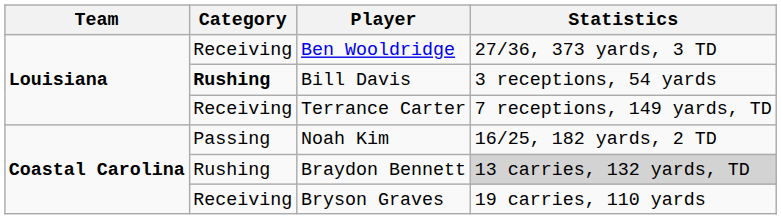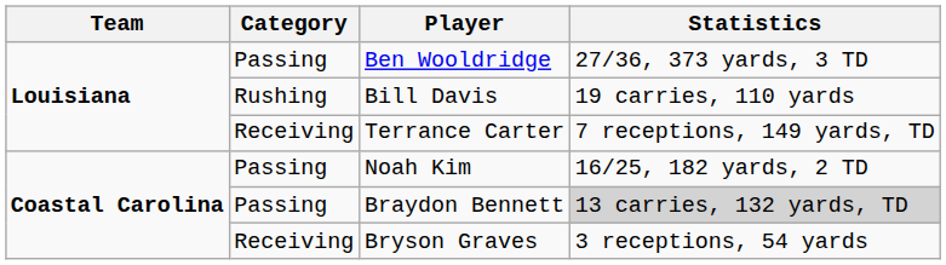 <table class="wikitable" style="float: right;">
 <tr>
 <th>Team</th>
 <th>Category</th>
 <th>Player</th>
 <th>Statistics</th>
 </tr>
 <tr>
 <td rowspan=3><strong>Louisiana</strong></td>
-<td>Receiving</td>
+<td>Passing</td>
 <td><a href='#'>Ben Wooldridge</a></td>
 <td>27/36, 373 yards, 3 TD</td>
 </tr>
 <tr>
-<td><strong>Rushing</strong></td>
+<td>Rushing</td>
 <td>Bill Davis</td>
-<td>3 receptions, 54 yards</td>
+<td>19 carries, 110 yards</td>
 </tr>
 <tr>
 <td>Receiving</td>
 <td>Terrance Carter</td>
 <td>7 receptions, 149 yards, TD</td>
 </tr>
 <tr>
 <td rowspan=3><strong>Coastal Carolina</strong></td>
 <td>Passing</td>
 <td>Noah Kim</td>
 <td>16/25, 182 yards, 2 TD</td>
 </tr>
 <tr>
-<td>Rushing</td>
+<td>Passing</td>
 <td>Braydon Bennett</td>
 <td style="background: lightgrey;">13 carries, 132 yards, TD</td>
 </tr>
 <tr>
 <td>Receiving</td>
 <td>Bryson Graves</td>
-<td>19 carries, 110 yards</td>
+<td>3 receptions, 54 yards</td>
 </tr>
 </table>
